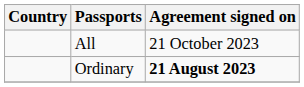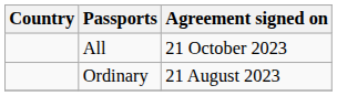 <table class="wikitable">
 <tr>
 <th>Country</th>
 <th>Passports</th>
 <th>Agreement signed on</th>
 </tr>
 <tr>
 <td></td>
 <td>All</td>
 <td>21 October 2023</td>
 </tr>
 <tr>
 <td></td>
 <td>Ordinary</td>
-<td><strong>21 August 2023</strong></td>
+<td>21 August 2023</td>
 </tr>
 <tr>
 </tr>
 </table>
